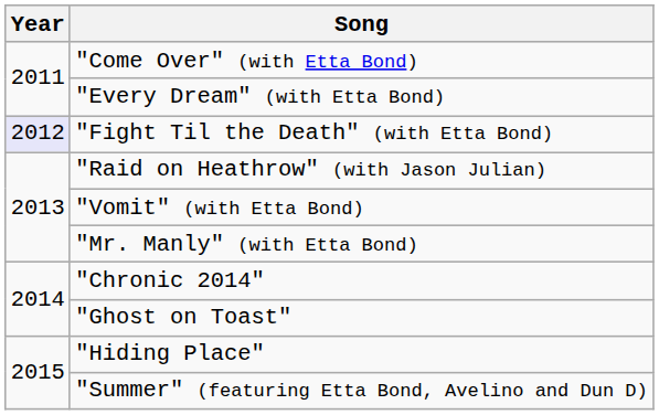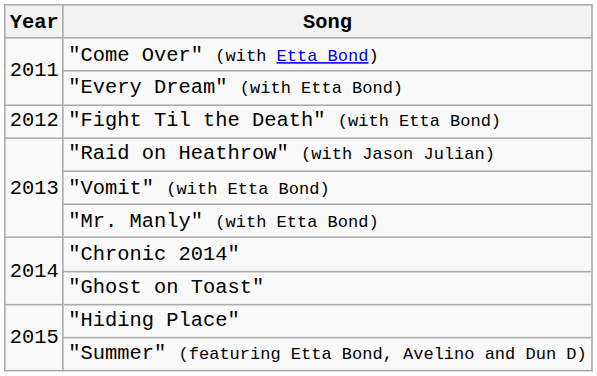 <table class="wikitable">
 <tr>
 <th>Year</th>
 <th>Song</th>
 </tr>
 <tr>
 <td rowspan="2">2011</td>
 <td>"Come Over" <small>(with <a href='#'>Etta Bond</a>)</small></td>
 </tr>
 <tr>
 <td>"Every Dream" <small>(with Etta Bond)</small></td>
 </tr>
 <tr>
-<td style="background: lavender;">2012</td>
+<td>2012</td>
 <td>"Fight Til the Death" <small>(with Etta Bond)</small></td>
 </tr>
 <tr>
 <td rowspan="3">2013</td>
 <td>"Raid on Heathrow" <small>(with Jason Julian)</small></td>
 </tr>
 <tr>
 <td>"Vomit" <small>(with Etta Bond)</small></td>
 </tr>
 <tr>
 <td>"Mr. Manly" <small>(with Etta Bond)</small></td>
 </tr>
 <tr>
 <td rowspan="2">2014</td>
 <td>"Chronic 2014"</td>
 </tr>
 <tr>
 <td>"Ghost on Toast"</td>
 </tr>
 <tr>
 <td rowspan="2">2015</td>
 <td>"Hiding Place"</td>
 </tr>
 <tr>
 <td>"Summer" <small>(featuring Etta Bond, Avelino and Dun D)</small></td>
 </tr>
 </table>
